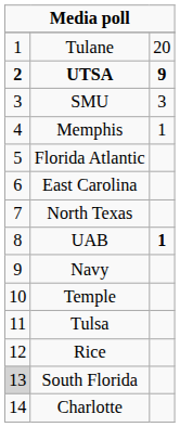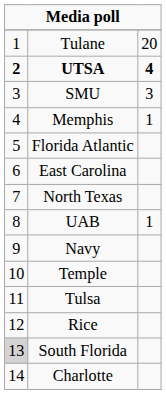 <table class="wikitable" style="display: inline-table;">
 <tr>
 <td align="center" Colspan="3"><strong>Media poll</strong></td>
 </tr>
 <tr align="center">
 </tr>
 <tr align="center"|>
 <td>1</td>
 <td>Tulane</td>
 <td>20</td>
 </tr>
 <tr align="center">
 <td><strong>2</strong></td>
 <td><strong>UTSA</strong></td>
-<td><strong>9</strong></td>
+<td><strong>4</strong></td>
 </tr>
 <tr align="center">
 <td>3</td>
 <td>SMU</td>
 <td>3</td>
 </tr>
 <tr align="center">
 <td>4</td>
 <td>Memphis</td>
 <td>1</td>
 </tr>
 <tr align="center">
 <td>5</td>
 <td>Florida Atlantic</td>
 <td></td>
 </tr>
 <tr align="center">
 <td>6</td>
 <td>East Carolina</td>
 <td></td>
 </tr>
 <tr align="center">
 <td>7</td>
 <td>North Texas</td>
 <td></td>
 </tr>
 <tr align="center">
 <td>8</td>
 <td>UAB</td>
-<td><strong>1</strong></td>
+<td>1</td>
 </tr>
 <tr align="center">
 <td>9</td>
 <td>Navy</td>
 <td></td>
 </tr>
 <tr align="center">
 <td>10</td>
 <td>Temple</td>
 <td></td>
 </tr>
 <tr align="center">
 <td>11</td>
 <td>Tulsa</td>
 <td></td>
 </tr>
 <tr align="center">
 <td>12</td>
 <td>Rice</td>
 <td></td>
 </tr>
 <tr align="center">
 <td style="background: lightgrey;">13</td>
 <td>South Florida</td>
 <td></td>
 </tr>
 <tr align="center">
 <td>14</td>
 <td>Charlotte</td>
 <td></td>
 </tr>
 </table>
